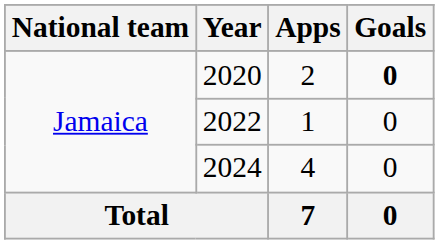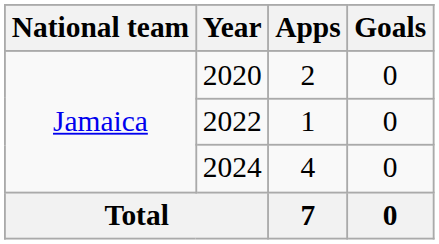 <table class="wikitable" style="text-align:center">
 <tr>
 <th>National team</th>
 <th>Year</th>
 <th>Apps</th>
 <th>Goals</th>
 </tr>
 <tr>
 <td rowspan="3"><a href='#'>Jamaica</a></td>
 <td>2020</td>
 <td>2</td>
-<td><strong>0</strong></td>
+<td>0</td>
 </tr>
 <tr>
 <td>2022</td>
 <td>1</td>
 <td>0</td>
 </tr>
 <tr>
 <td>2024</td>
 <td>4</td>
 <td>0</td>
 </tr>
 <tr>
 <th colspan="2">Total</th>
 <th>7</th>
 <th>0</th>
 </tr>
 </table>
